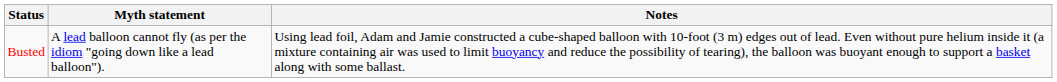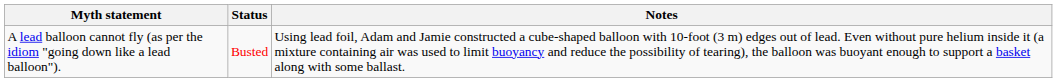 <table class="wikitable plainrowheaders">
 <tr>
+<th>Myth statement</th>
 <th>Status</th>
-<th>Myth statement</th>
 <th>Notes</th>
 </tr>
 <tr>
+<td>A <a href='#'>lead</a> balloon cannot fly (as per the <a href='#'>idiom</a> "going down like a lead balloon").</td>
 <td style="color:Red">Busted</td>
-<td>A <a href='#'>lead</a> balloon cannot fly (as per the <a href='#'>idiom</a> "going down like a lead balloon").</td>
 <td>Using lead foil, Adam and Jamie constructed a cube-shaped balloon with 10-foot (3 m) edges out of lead. Even without pure helium inside it (a mixture containing air was used to limit <a href='#'>buoyancy</a> and reduce the possibility of tearing), the balloon was buoyant enough to support a <a href='#'>basket</a> along with some ballast.</td>
 </tr>
 </table>
